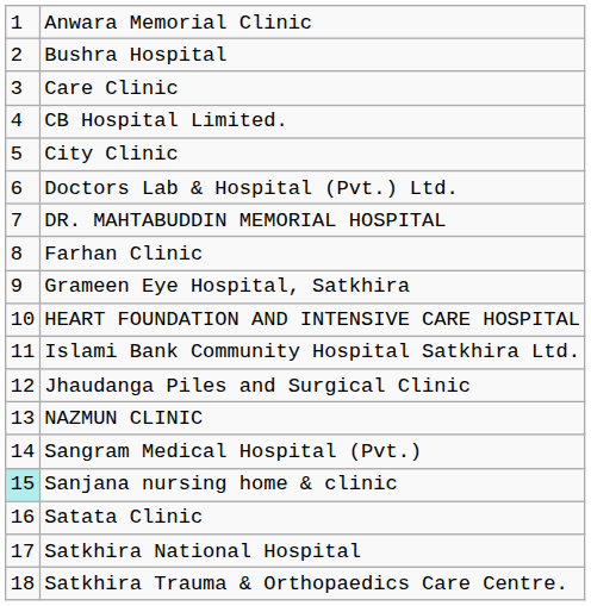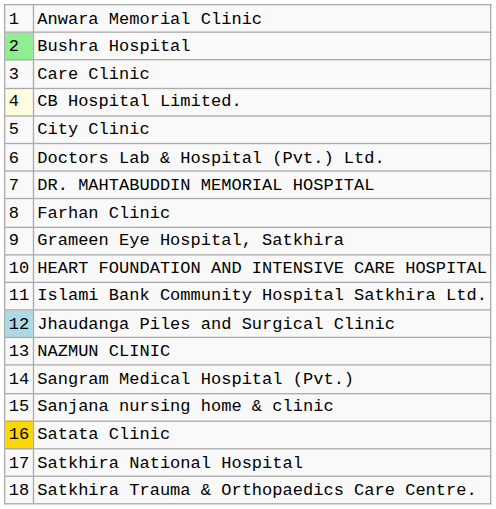 <table class="wikitable">
 <tr>
 <td>1</td>
 <td>Anwara Memorial Clinic</td>
 </tr>
 <tr>
-<td>2</td>
+<td style="background: lightgreen;">2</td>
 <td>Bushra Hospital</td>
 </tr>
 <tr>
 <td>3</td>
 <td>Care Clinic</td>
 </tr>
 <tr>
-<td>4</td>
+<td style="background: lightyellow;">4</td>
 <td>CB Hospital Limited.</td>
 </tr>
 <tr>
 <td>5</td>
 <td>City Clinic</td>
 </tr>
 <tr>
 <td>6</td>
 <td>Doctors Lab & Hospital (Pvt.) Ltd.</td>
 </tr>
 <tr>
 <td>7</td>
 <td>DR. MAHTABUDDIN MEMORIAL HOSPITAL</td>
 </tr>
 <tr>
 <td>8</td>
 <td>Farhan Clinic</td>
 </tr>
 <tr>
 <td>9</td>
 <td>Grameen Eye Hospital, Satkhira</td>
 </tr>
 <tr>
 <td>10</td>
 <td>HEART FOUNDATION AND INTENSIVE CARE HOSPITAL</td>
 </tr>
 <tr>
 <td>11</td>
 <td>Islami Bank Community Hospital Satkhira Ltd.</td>
 </tr>
 <tr>
-<td>12</td>
+<td style="background: lightblue;">12</td>
 <td>Jhaudanga Piles and Surgical Clinic</td>
 </tr>
 <tr>
 <td>13</td>
 <td>NAZMUN CLINIC</td>
 </tr>
 <tr>
 <td>14</td>
 <td>Sangram Medical Hospital (Pvt.)</td>
 </tr>
 <tr>
-<td style="background: paleturquoise;">15</td>
+<td>15</td>
 <td>Sanjana nursing home & clinic</td>
 </tr>
 <tr>
-<td>16</td>
+<td style="background: gold;">16</td>
 <td>Satata Clinic</td>
 </tr>
 <tr>
 <td>17</td>
 <td>Satkhira National Hospital</td>
 </tr>
 <tr>
 <td>18</td>
 <td>Satkhira Trauma & Orthopaedics Care Centre.</td>
 </tr>
 </table>
